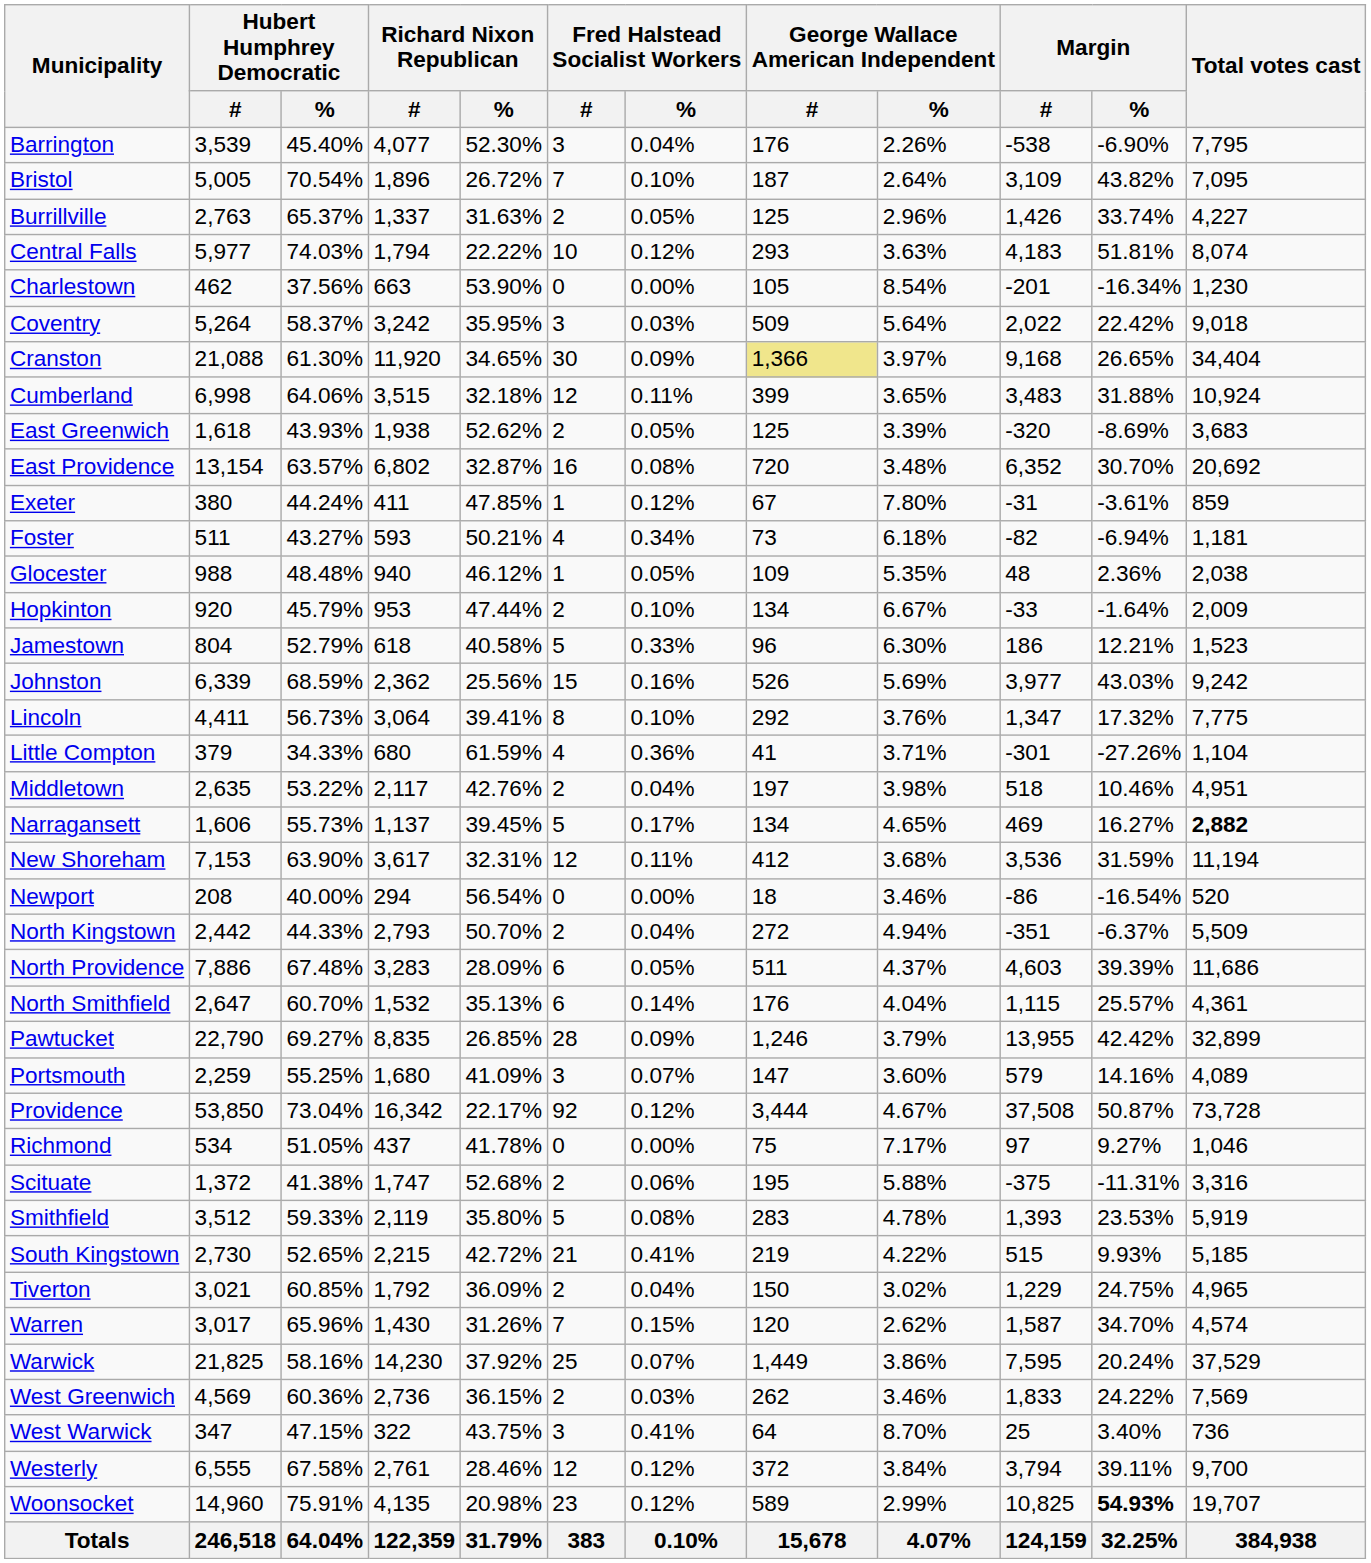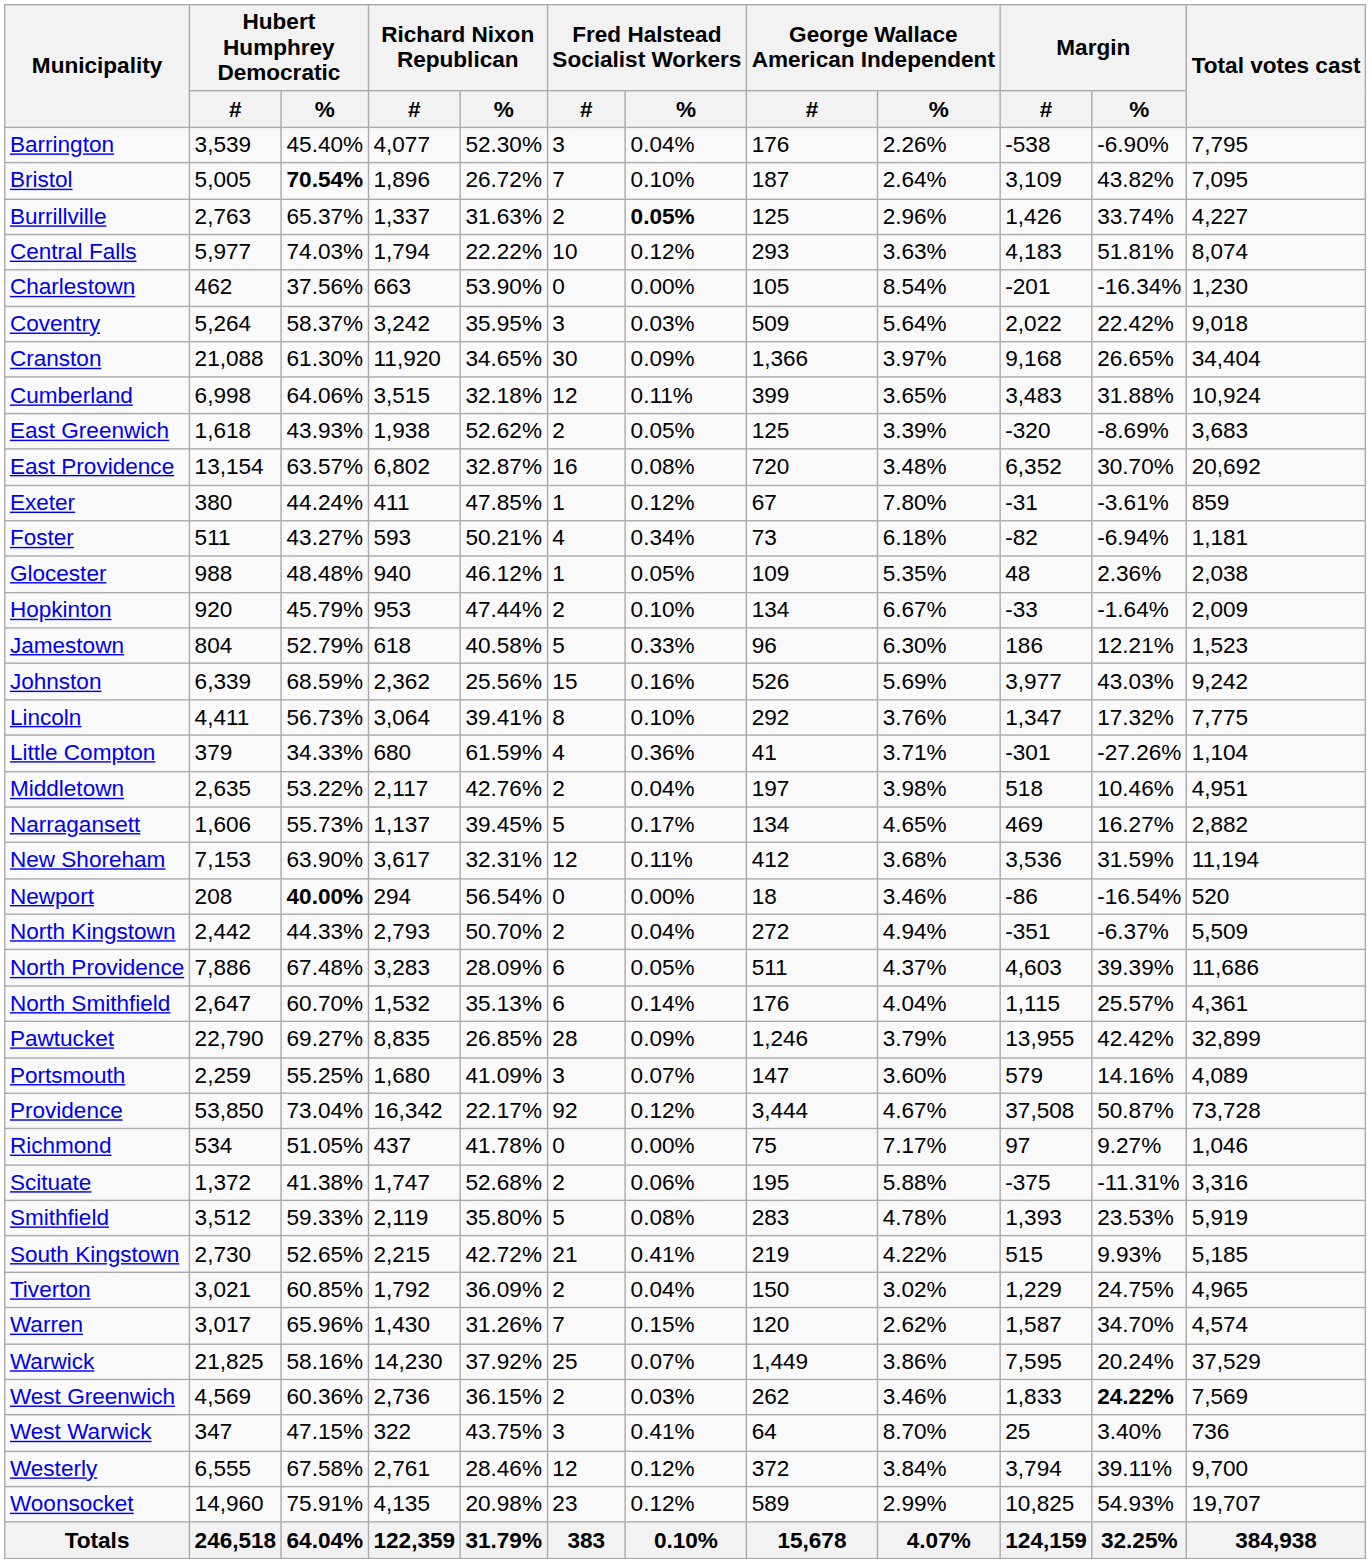 <table class="wikitable sortable">
 <tr>
 <th rowspan="2"><strong>Municipality</strong></th>
 <th colspan="2"><strong>Hubert</strong><br><strong>Humphrey</strong><br><strong>Democratic</strong></th>
 <th colspan="2"><strong>Richard Nixon</strong><br><strong>Republican</strong></th>
 <th colspan="2"><strong>Fred Halstead</strong><br><strong>Socialist</strong> <strong>Workers</strong></th>
 <th colspan="2"><strong>George Wallace</strong><br><strong>American</strong> <strong>Independent</strong></th>
 <th colspan="2">Margin</th>
 <th rowspan="2"><strong>Total votes cast</strong></th>
 </tr>
 <tr>
 <th><strong>#</strong></th>
 <th><strong>%</strong></th>
 <th><strong>#</strong></th>
 <th><strong>%</strong></th>
 <th><strong>#</strong></th>
 <th><strong>%</strong></th>
 <th><strong>#</strong></th>
 <th><strong>%</strong></th>
 <th>#</th>
 <th>%</th>
 </tr>
 <tr>
 <td><a href='#'>Barrington</a></td>
 <td>3,539</td>
 <td>45.40%</td>
 <td>4,077</td>
 <td>52.30%</td>
 <td>3</td>
 <td>0.04%</td>
 <td>176</td>
 <td>2.26%</td>
 <td>-538</td>
 <td>-6.90%</td>
 <td>7,795</td>
 </tr>
 <tr>
 <td><a href='#'>Bristol</a></td>
 <td>5,005</td>
-<td>70.54%</td>
+<td><strong>70.54%</strong></td>
 <td>1,896</td>
 <td>26.72%</td>
 <td>7</td>
 <td>0.10%</td>
 <td>187</td>
 <td>2.64%</td>
 <td>3,109</td>
 <td>43.82%</td>
 <td>7,095</td>
 </tr>
 <tr>
 <td><a href='#'>Burrillville</a></td>
 <td>2,763</td>
 <td>65.37%</td>
 <td>1,337</td>
 <td>31.63%</td>
 <td>2</td>
-<td>0.05%</td>
+<td><strong>0.05%</strong></td>
 <td>125</td>
 <td>2.96%</td>
 <td>1,426</td>
 <td>33.74%</td>
 <td>4,227</td>
 </tr>
 <tr>
 <td><a href='#'>Central Falls</a></td>
 <td>5,977</td>
 <td>74.03%</td>
 <td>1,794</td>
 <td>22.22%</td>
 <td>10</td>
 <td>0.12%</td>
 <td>293</td>
 <td>3.63%</td>
 <td>4,183</td>
 <td>51.81%</td>
 <td>8,074</td>
 </tr>
 <tr>
 <td><a href='#'>Charlestown</a></td>
 <td>462</td>
 <td>37.56%</td>
 <td>663</td>
 <td>53.90%</td>
 <td>0</td>
 <td>0.00%</td>
 <td>105</td>
 <td>8.54%</td>
 <td>-201</td>
 <td>-16.34%</td>
 <td>1,230</td>
 </tr>
 <tr>
 <td><a href='#'>Coventry</a></td>
 <td>5,264</td>
 <td>58.37%</td>
 <td>3,242</td>
 <td>35.95%</td>
 <td>3</td>
 <td>0.03%</td>
 <td>509</td>
 <td>5.64%</td>
 <td>2,022</td>
 <td>22.42%</td>
 <td>9,018</td>
 </tr>
 <tr>
 <td><a href='#'>Cranston</a></td>
 <td>21,088</td>
 <td>61.30%</td>
 <td>11,920</td>
 <td>34.65%</td>
 <td>30</td>
 <td>0.09%</td>
-<td style="background: khaki;">1,366</td>
+<td>1,366</td>
 <td>3.97%</td>
 <td>9,168</td>
 <td>26.65%</td>
 <td>34,404</td>
 </tr>
 <tr>
 <td><a href='#'>Cumberland</a></td>
 <td>6,998</td>
 <td>64.06%</td>
 <td>3,515</td>
 <td>32.18%</td>
 <td>12</td>
 <td>0.11%</td>
 <td>399</td>
 <td>3.65%</td>
 <td>3,483</td>
 <td>31.88%</td>
 <td>10,924</td>
 </tr>
 <tr>
 <td><a href='#'>East Greenwich</a></td>
 <td>1,618</td>
 <td>43.93%</td>
 <td>1,938</td>
 <td>52.62%</td>
 <td>2</td>
 <td>0.05%</td>
 <td>125</td>
 <td>3.39%</td>
 <td>-320</td>
 <td>-8.69%</td>
 <td>3,683</td>
 </tr>
 <tr>
 <td><a href='#'>East Providence</a></td>
 <td>13,154</td>
 <td>63.57%</td>
 <td>6,802</td>
 <td>32.87%</td>
 <td>16</td>
 <td>0.08%</td>
 <td>720</td>
 <td>3.48%</td>
 <td>6,352</td>
 <td>30.70%</td>
 <td>20,692</td>
 </tr>
 <tr>
 <td><a href='#'>Exeter</a></td>
 <td>380</td>
 <td>44.24%</td>
 <td>411</td>
 <td>47.85%</td>
 <td>1</td>
 <td>0.12%</td>
 <td>67</td>
 <td>7.80%</td>
 <td>-31</td>
 <td>-3.61%</td>
 <td>859</td>
 </tr>
 <tr>
 <td><a href='#'>Foster</a></td>
 <td>511</td>
 <td>43.27%</td>
 <td>593</td>
 <td>50.21%</td>
 <td>4</td>
 <td>0.34%</td>
 <td>73</td>
 <td>6.18%</td>
 <td>-82</td>
 <td>-6.94%</td>
 <td>1,181</td>
 </tr>
 <tr>
 <td><a href='#'>Glocester</a></td>
 <td>988</td>
 <td>48.48%</td>
 <td>940</td>
 <td>46.12%</td>
 <td>1</td>
 <td>0.05%</td>
 <td>109</td>
 <td>5.35%</td>
 <td>48</td>
 <td>2.36%</td>
 <td>2,038</td>
 </tr>
 <tr>
 <td><a href='#'>Hopkinton</a></td>
 <td>920</td>
 <td>45.79%</td>
 <td>953</td>
 <td>47.44%</td>
 <td>2</td>
 <td>0.10%</td>
 <td>134</td>
 <td>6.67%</td>
 <td>-33</td>
 <td>-1.64%</td>
 <td>2,009</td>
 </tr>
 <tr>
 <td><a href='#'>Jamestown</a></td>
 <td>804</td>
 <td>52.79%</td>
 <td>618</td>
 <td>40.58%</td>
 <td>5</td>
 <td>0.33%</td>
 <td>96</td>
 <td>6.30%</td>
 <td>186</td>
 <td>12.21%</td>
 <td>1,523</td>
 </tr>
 <tr>
 <td><a href='#'>Johnston</a></td>
 <td>6,339</td>
 <td>68.59%</td>
 <td>2,362</td>
 <td>25.56%</td>
 <td>15</td>
 <td>0.16%</td>
 <td>526</td>
 <td>5.69%</td>
 <td>3,977</td>
 <td>43.03%</td>
 <td>9,242</td>
 </tr>
 <tr>
 <td><a href='#'>Lincoln</a></td>
 <td>4,411</td>
 <td>56.73%</td>
 <td>3,064</td>
 <td>39.41%</td>
 <td>8</td>
 <td>0.10%</td>
 <td>292</td>
 <td>3.76%</td>
 <td>1,347</td>
 <td>17.32%</td>
 <td>7,775</td>
 </tr>
 <tr>
 <td><a href='#'>Little Compton</a></td>
 <td>379</td>
 <td>34.33%</td>
 <td>680</td>
 <td>61.59%</td>
 <td>4</td>
 <td>0.36%</td>
 <td>41</td>
 <td>3.71%</td>
 <td>-301</td>
 <td>-27.26%</td>
 <td>1,104</td>
 </tr>
 <tr>
 <td><a href='#'>Middletown</a></td>
 <td>2,635</td>
 <td>53.22%</td>
 <td>2,117</td>
 <td>42.76%</td>
 <td>2</td>
 <td>0.04%</td>
 <td>197</td>
 <td>3.98%</td>
 <td>518</td>
 <td>10.46%</td>
 <td>4,951</td>
 </tr>
 <tr>
 <td><a href='#'>Narragansett</a></td>
 <td>1,606</td>
 <td>55.73%</td>
 <td>1,137</td>
 <td>39.45%</td>
 <td>5</td>
 <td>0.17%</td>
 <td>134</td>
 <td>4.65%</td>
 <td>469</td>
 <td>16.27%</td>
-<td><strong>2,882</strong></td>
+<td>2,882</td>
 </tr>
 <tr>
 <td><a href='#'>New Shoreham</a></td>
 <td>7,153</td>
 <td>63.90%</td>
 <td>3,617</td>
 <td>32.31%</td>
 <td>12</td>
 <td>0.11%</td>
 <td>412</td>
 <td>3.68%</td>
 <td>3,536</td>
 <td>31.59%</td>
 <td>11,194</td>
 </tr>
 <tr>
 <td><a href='#'>Newport</a></td>
 <td>208</td>
-<td>40.00%</td>
+<td><strong>40.00%</strong></td>
 <td>294</td>
 <td>56.54%</td>
 <td>0</td>
 <td>0.00%</td>
 <td>18</td>
 <td>3.46%</td>
 <td>-86</td>
 <td>-16.54%</td>
 <td>520</td>
 </tr>
 <tr>
 <td><a href='#'>North Kingstown</a></td>
 <td>2,442</td>
 <td>44.33%</td>
 <td>2,793</td>
 <td>50.70%</td>
 <td>2</td>
 <td>0.04%</td>
 <td>272</td>
 <td>4.94%</td>
 <td>-351</td>
 <td>-6.37%</td>
 <td>5,509</td>
 </tr>
 <tr>
 <td><a href='#'>North Providence</a></td>
 <td>7,886</td>
 <td>67.48%</td>
 <td>3,283</td>
 <td>28.09%</td>
 <td>6</td>
 <td>0.05%</td>
 <td>511</td>
 <td>4.37%</td>
 <td>4,603</td>
 <td>39.39%</td>
 <td>11,686</td>
 </tr>
 <tr>
 <td><a href='#'>North Smithfield</a></td>
 <td>2,647</td>
 <td>60.70%</td>
 <td>1,532</td>
 <td>35.13%</td>
 <td>6</td>
 <td>0.14%</td>
 <td>176</td>
 <td>4.04%</td>
 <td>1,115</td>
 <td>25.57%</td>
 <td>4,361</td>
 </tr>
 <tr>
 <td><a href='#'>Pawtucket</a></td>
 <td>22,790</td>
 <td>69.27%</td>
 <td>8,835</td>
 <td>26.85%</td>
 <td>28</td>
 <td>0.09%</td>
 <td>1,246</td>
 <td>3.79%</td>
 <td>13,955</td>
 <td>42.42%</td>
 <td>32,899</td>
 </tr>
 <tr>
 <td><a href='#'>Portsmouth</a></td>
 <td>2,259</td>
 <td>55.25%</td>
 <td>1,680</td>
 <td>41.09%</td>
 <td>3</td>
 <td>0.07%</td>
 <td>147</td>
 <td>3.60%</td>
 <td>579</td>
 <td>14.16%</td>
 <td>4,089</td>
 </tr>
 <tr>
 <td><a href='#'>Providence</a></td>
 <td>53,850</td>
 <td>73.04%</td>
 <td>16,342</td>
 <td>22.17%</td>
 <td>92</td>
 <td>0.12%</td>
 <td>3,444</td>
 <td>4.67%</td>
 <td>37,508</td>
 <td>50.87%</td>
 <td>73,728</td>
 </tr>
 <tr>
 <td><a href='#'>Richmond</a></td>
 <td>534</td>
 <td>51.05%</td>
 <td>437</td>
 <td>41.78%</td>
 <td>0</td>
 <td>0.00%</td>
 <td>75</td>
 <td>7.17%</td>
 <td>97</td>
 <td>9.27%</td>
 <td>1,046</td>
 </tr>
 <tr>
 <td><a href='#'>Scituate</a></td>
 <td>1,372</td>
 <td>41.38%</td>
 <td>1,747</td>
 <td>52.68%</td>
 <td>2</td>
 <td>0.06%</td>
 <td>195</td>
 <td>5.88%</td>
 <td>-375</td>
 <td>-11.31%</td>
 <td>3,316</td>
 </tr>
 <tr>
 <td><a href='#'>Smithfield</a></td>
 <td>3,512</td>
 <td>59.33%</td>
 <td>2,119</td>
 <td>35.80%</td>
 <td>5</td>
 <td>0.08%</td>
 <td>283</td>
 <td>4.78%</td>
 <td>1,393</td>
 <td>23.53%</td>
 <td>5,919</td>
 </tr>
 <tr>
 <td><a href='#'>South Kingstown</a></td>
 <td>2,730</td>
 <td>52.65%</td>
 <td>2,215</td>
 <td>42.72%</td>
 <td>21</td>
 <td>0.41%</td>
 <td>219</td>
 <td>4.22%</td>
 <td>515</td>
 <td>9.93%</td>
 <td>5,185</td>
 </tr>
 <tr>
 <td><a href='#'>Tiverton</a></td>
 <td>3,021</td>
 <td>60.85%</td>
 <td>1,792</td>
 <td>36.09%</td>
 <td>2</td>
 <td>0.04%</td>
 <td>150</td>
 <td>3.02%</td>
 <td>1,229</td>
 <td>24.75%</td>
 <td>4,965</td>
 </tr>
 <tr>
 <td><a href='#'>Warren</a></td>
 <td>3,017</td>
 <td>65.96%</td>
 <td>1,430</td>
 <td>31.26%</td>
 <td>7</td>
 <td>0.15%</td>
 <td>120</td>
 <td>2.62%</td>
 <td>1,587</td>
 <td>34.70%</td>
 <td>4,574</td>
 </tr>
 <tr>
 <td><a href='#'>Warwick</a></td>
 <td>21,825</td>
 <td>58.16%</td>
 <td>14,230</td>
 <td>37.92%</td>
 <td>25</td>
 <td>0.07%</td>
 <td>1,449</td>
 <td>3.86%</td>
 <td>7,595</td>
 <td>20.24%</td>
 <td>37,529</td>
 </tr>
 <tr>
 <td><a href='#'>West Greenwich</a></td>
 <td>4,569</td>
 <td>60.36%</td>
 <td>2,736</td>
 <td>36.15%</td>
 <td>2</td>
 <td>0.03%</td>
 <td>262</td>
 <td>3.46%</td>
 <td>1,833</td>
-<td>24.22%</td>
+<td><strong>24.22%</strong></td>
 <td>7,569</td>
 </tr>
 <tr>
 <td><a href='#'>West Warwick</a></td>
 <td>347</td>
 <td>47.15%</td>
 <td>322</td>
 <td>43.75%</td>
 <td>3</td>
 <td>0.41%</td>
 <td>64</td>
 <td>8.70%</td>
 <td>25</td>
 <td>3.40%</td>
 <td>736</td>
 </tr>
 <tr>
 <td><a href='#'>Westerly</a></td>
 <td>6,555</td>
 <td>67.58%</td>
 <td>2,761</td>
 <td>28.46%</td>
 <td>12</td>
 <td>0.12%</td>
 <td>372</td>
 <td>3.84%</td>
 <td>3,794</td>
 <td>39.11%</td>
 <td>9,700</td>
 </tr>
 <tr>
 <td><a href='#'>Woonsocket</a></td>
 <td>14,960</td>
 <td>75.91%</td>
 <td>4,135</td>
 <td>20.98%</td>
 <td>23</td>
 <td>0.12%</td>
 <td>589</td>
 <td>2.99%</td>
 <td>10,825</td>
-<td><strong>54.93%</strong></td>
+<td>54.93%</td>
 <td>19,707</td>
 </tr>
 <tr>
 <th>Totals</th>
 <th>246,518</th>
 <th>64.04%</th>
 <th>122,359</th>
 <th>31.79%</th>
 <th>383</th>
 <th>0.10%</th>
 <th>15,678</th>
 <th>4.07%</th>
 <th>124,159</th>
 <th>32.25%</th>
 <th>384,938</th>
 </tr>
 </table>
